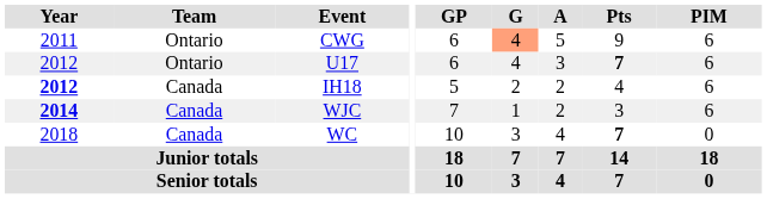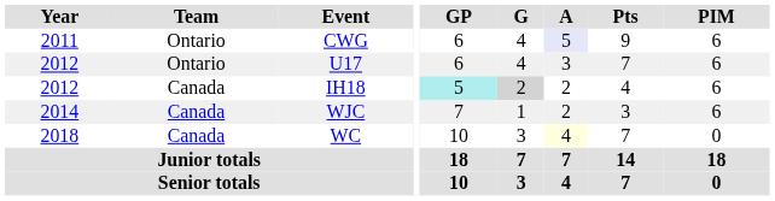 <table border="0" cellpadding="1" cellspacing="0" ID="Table3" style="text-align:center; width:40em;">
 <tr bgcolor="#e0e0e0">
 <th>Year</th>
 <th>Team</th>
 <th>Event</th>
 <th rowspan="99" bgcolor="#ffffff"></th>
 <th>GP</th>
 <th>G</th>
 <th>A</th>
 <th>Pts</th>
 <th>PIM</th>
 </tr>
 <tr>
 <td><a href='#'>2011</a></td>
 <td>Ontario</td>
 <td><a href='#'>CWG</a></td>
 <td>6</td>
-<td style="background: lightsalmon;">4</td>
-<td>5</td>
+<td>4</td>
+<td style="background: lavender;">5</td>
 <td>9</td>
 <td>6</td>
 </tr>
 <tr bgcolor="#f0f0f0">
 <td><a href='#'>2012</a></td>
 <td>Ontario</td>
 <td><a href='#'>U17</a></td>
 <td>6</td>
 <td>4</td>
 <td>3</td>
-<td><strong>7</strong></td>
+<td>7</td>
 <td>6</td>
 </tr>
 <tr>
-<td><strong><a href='#'>2012</a></strong></td>
+<td><a href='#'>2012</a></td>
 <td>Canada</td>
 <td><a href='#'>IH18</a></td>
-<td>5</td>
-<td>2</td>
+<td style="background: paleturquoise;">5</td>
+<td style="background: lightgrey;">2</td>
 <td>2</td>
 <td>4</td>
 <td>6</td>
 </tr>
 <tr bgcolor="#f0f0f0">
-<td><strong><a href='#'>2014</a></strong></td>
+<td><a href='#'>2014</a></td>
 <td><a href='#'>Canada</a></td>
 <td><a href='#'>WJC</a></td>
 <td>7</td>
 <td>1</td>
 <td>2</td>
 <td>3</td>
 <td>6</td>
 </tr>
 <tr>
 <td><a href='#'>2018</a></td>
 <td><a href='#'>Canada</a></td>
 <td><a href='#'>WC</a></td>
 <td>10</td>
 <td>3</td>
-<td>4</td>
-<td><strong>7</strong></td>
+<td style="background: lightyellow;">4</td>
+<td>7</td>
 <td>0</td>
 </tr>
 <tr bgcolor="#e0e0e0">
 <th colspan="3">Junior totals</th>
 <th>18</th>
 <th>7</th>
 <th>7</th>
 <th>14</th>
 <th>18</th>
 </tr>
 <tr bgcolor="#e0e0e0">
 <th colspan="3">Senior totals</th>
 <th>10</th>
 <th>3</th>
 <th>4</th>
 <th>7</th>
 <th>0</th>
 </tr>
 </table>
